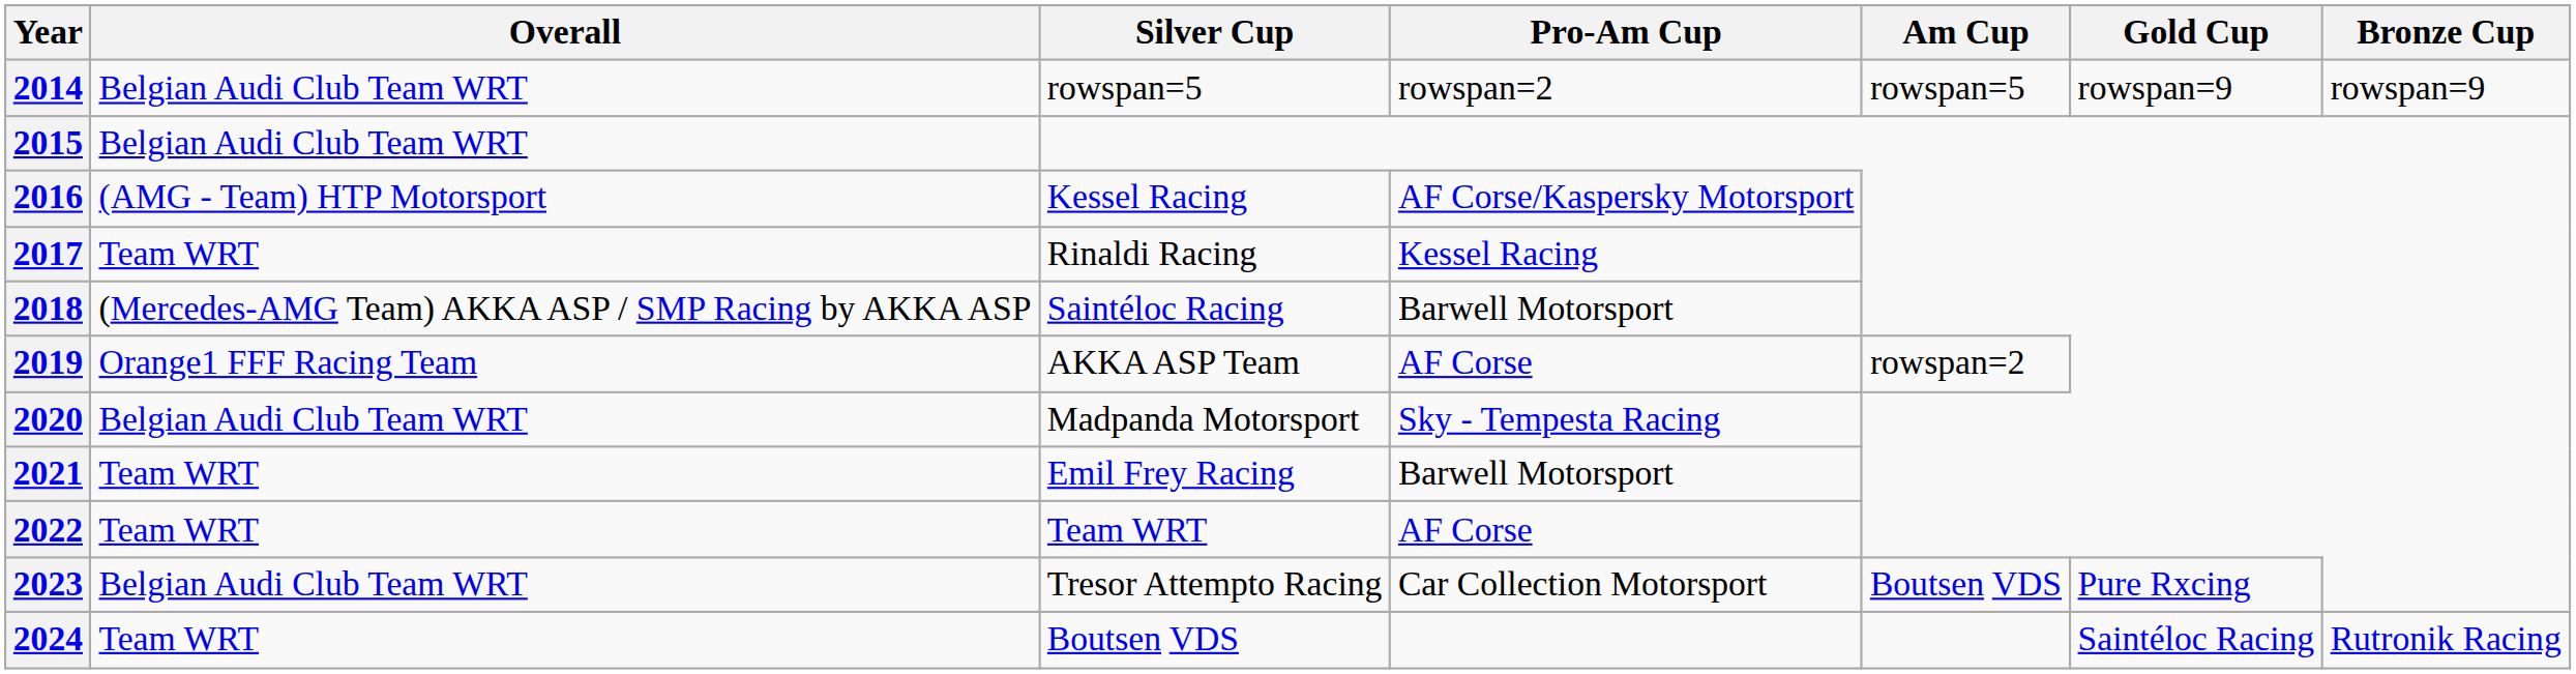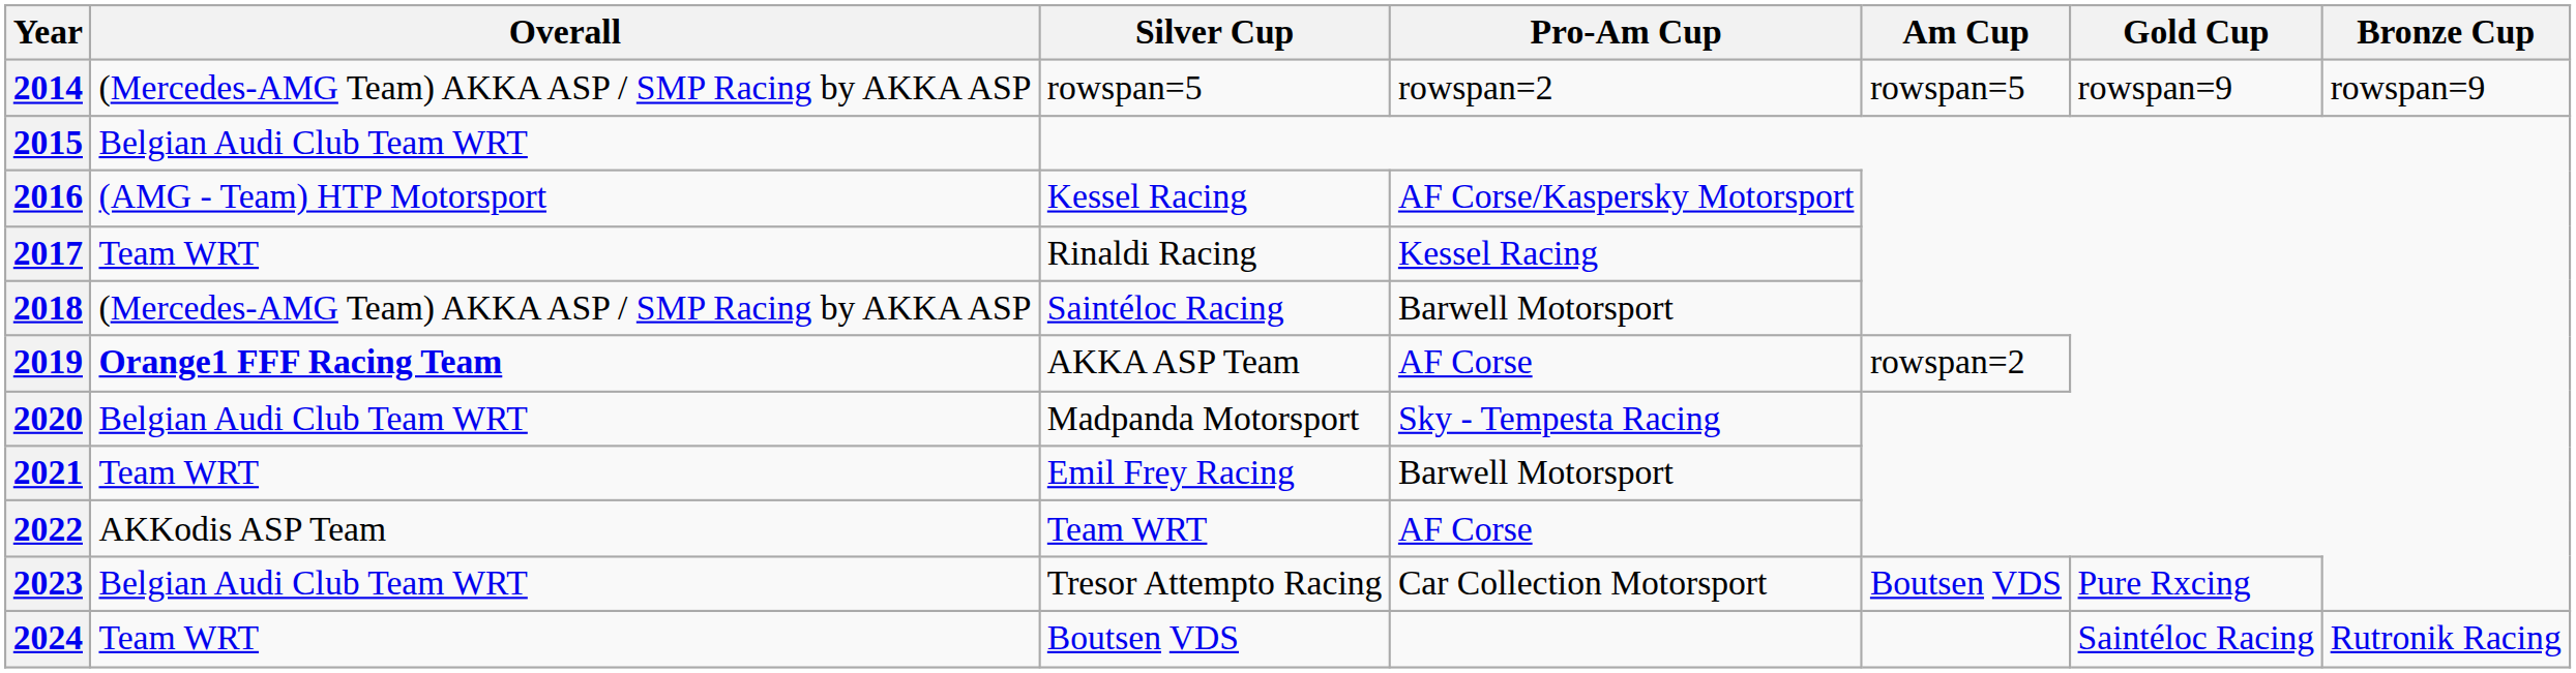 <table class="wikitable">
 <tr>
 <th>Year</th>
 <th>Overall</th>
 <th>Silver Cup</th>
 <th>Pro-Am Cup</th>
 <th>Am Cup</th>
 <th>Gold Cup</th>
 <th>Bronze Cup</th>
 </tr>
 <tr>
 <th><a href='#'>2014</a></th>
-<td> <a href='#'>Belgian Audi Club Team WRT</a></td>
+<td> (<a href='#'>Mercedes-AMG</a> Team) AKKA ASP /  <a href='#'>SMP Racing</a> by AKKA ASP</td>
 <td>rowspan=5 </td>
 <td>rowspan=2 </td>
 <td>rowspan=5 </td>
 <td>rowspan=9 </td>
 <td>rowspan=9 </td>
 </tr>
 <tr>
 <th><a href='#'>2015</a></th>
 <td> <a href='#'>Belgian Audi Club Team WRT</a></td>
 </tr>
 <tr>
 <th><a href='#'>2016</a></th>
 <td> <a href='#'>(AMG - Team) HTP Motorsport</a></td>
 <td> <a href='#'>Kessel Racing</a></td>
 <td> <a href='#'>AF Corse/Kaspersky Motorsport</a></td>
 </tr>
 <tr>
 <th><a href='#'>2017</a></th>
 <td> <a href='#'>Team WRT</a></td>
 <td> Rinaldi Racing</td>
 <td> <a href='#'>Kessel Racing</a></td>
 </tr>
 <tr>
 <th><a href='#'>2018</a></th>
 <td> (<a href='#'>Mercedes-AMG</a> Team) AKKA ASP /  <a href='#'>SMP Racing</a> by AKKA ASP</td>
 <td> <a href='#'>Saintéloc Racing</a></td>
 <td> Barwell Motorsport</td>
 </tr>
 <tr>
 <th><a href='#'>2019</a></th>
-<td> <a href='#'>Orange1 FFF Racing Team</a></td>
+<td><strong> <a href='#'>Orange1 FFF Racing Team</a></strong></td>
 <td> AKKA ASP Team</td>
 <td> <a href='#'>AF Corse</a></td>
 <td>rowspan=2 </td>
 </tr>
 <tr>
 <th><a href='#'>2020</a></th>
 <td> <a href='#'>Belgian Audi Club Team WRT</a></td>
 <td> Madpanda Motorsport</td>
 <td> <a href='#'>Sky - Tempesta Racing</a></td>
 </tr>
 <tr>
 <th><a href='#'>2021</a></th>
 <td> <a href='#'>Team WRT</a></td>
 <td> <a href='#'>Emil Frey Racing</a></td>
 <td> Barwell Motorsport</td>
 </tr>
 <tr>
 <th><a href='#'>2022</a></th>
-<td> <a href='#'>Team WRT</a></td>
+<td> AKKodis ASP Team</td>
 <td> <a href='#'>Team WRT</a></td>
 <td> <a href='#'>AF Corse</a></td>
 </tr>
 <tr>
 <th><a href='#'>2023</a></th>
 <td> <a href='#'>Belgian Audi Club Team WRT</a></td>
 <td> Tresor Attempto Racing</td>
 <td> Car Collection Motorsport</td>
 <td> <a href='#'>Boutsen</a> <a href='#'>VDS</a></td>
 <td> <a href='#'>Pure Rxcing</a></td>
 </tr>
 <tr>
 <th><a href='#'>2024</a></th>
 <td> <a href='#'>Team WRT</a></td>
 <td> <a href='#'>Boutsen</a> <a href='#'>VDS</a></td>
 <td></td>
 <td></td>
 <td> <a href='#'>Saintéloc Racing</a></td>
 <td> <a href='#'>Rutronik Racing</a></td>
 </tr>
 </table>
